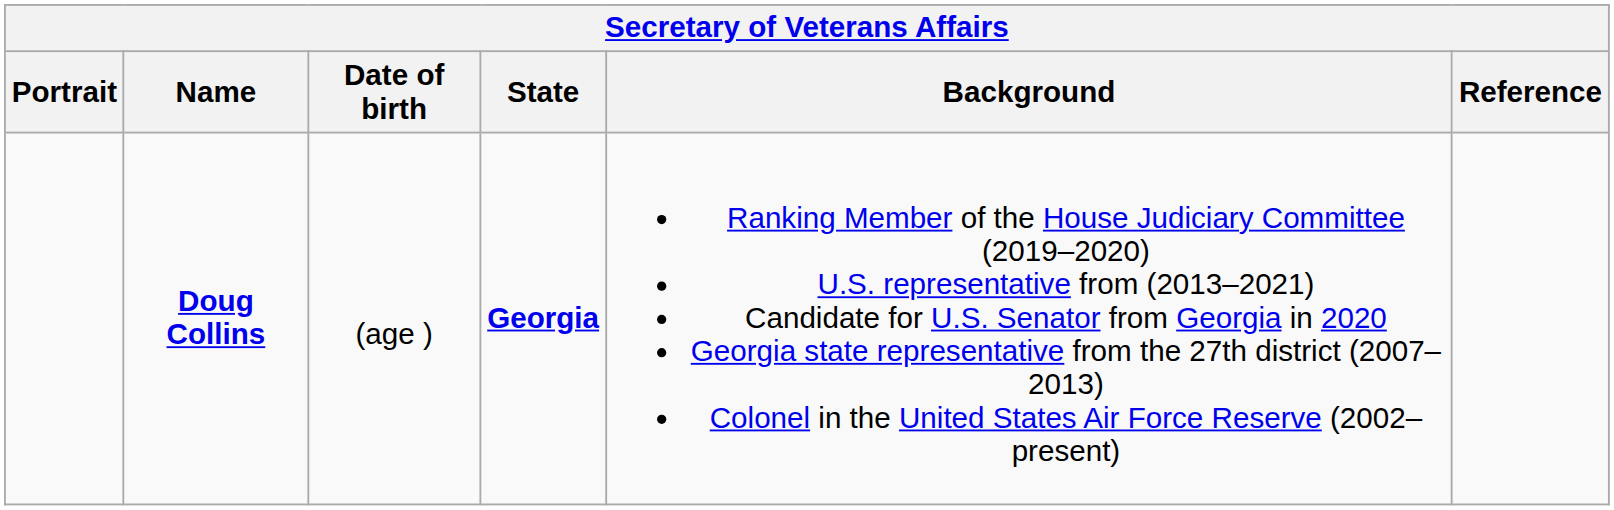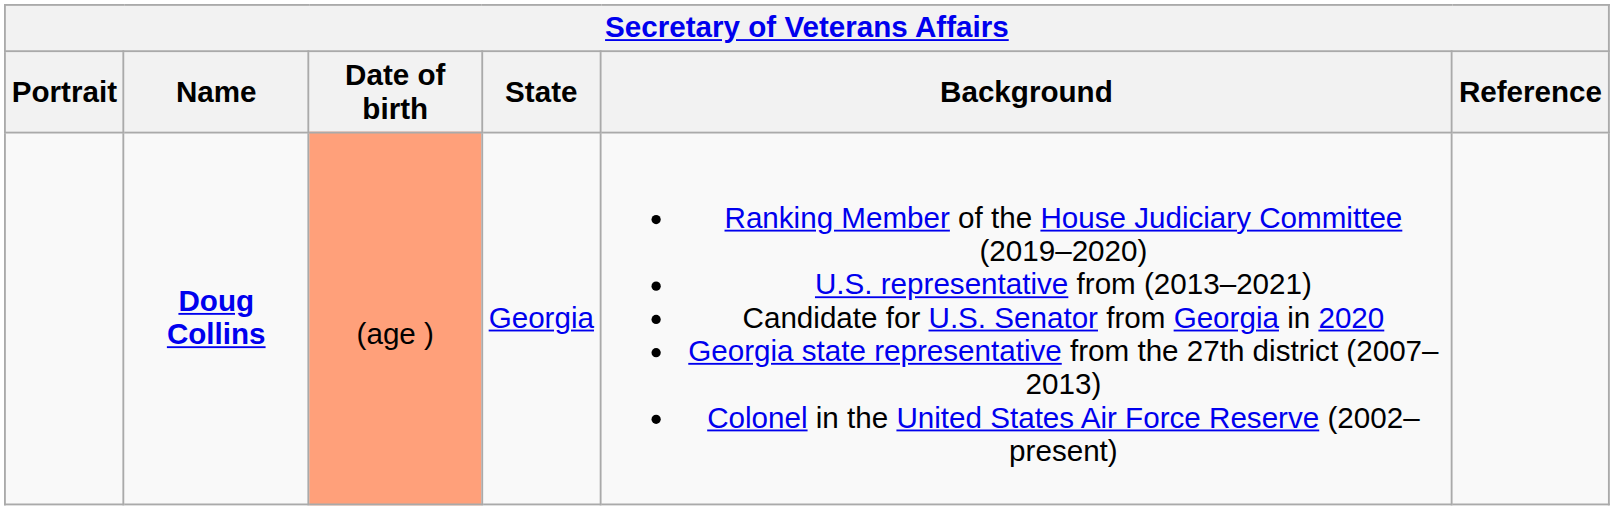 <table class="wikitable collapsible" style="text-align:center;">
 <tr>
 <th colspan="6"><a href='#'>Secretary of Veterans Affairs</a></th>
 </tr>
 <tr>
 <th>Portrait</th>
 <th>Name</th>
 <th>Date of birth</th>
 <th>State</th>
 <th>Background</th>
 <th>Reference</th>
 </tr>
 <tr>
 <td></td>
 <td><strong><a href='#'>Doug Collins</a></strong></td>
-<td><br>(age )</td>
-<td><strong> <a href='#'>Georgia</a></strong></td>
+<td style="background: lightsalmon;"><br>(age )</td>
+<td> <a href='#'>Georgia</a></td>
 <td><br><ul><li><a href='#'>Ranking Member</a> of the <a href='#'>House Judiciary Committee</a> (2019–2020)</li><li><a href='#'>U.S. representative</a> from  (2013–2021)</li><li>Candidate for <a href='#'>U.S. Senator</a> from <a href='#'>Georgia</a> in <a href='#'>2020</a></li><li><a href='#'>Georgia state representative</a> from the 27th district (2007–2013)</li><li><a href='#'>Colonel</a> in the <a href='#'>United States Air Force Reserve</a> (2002–present)</li></ul></td>
 <td></td>
 </tr>
 </table>
